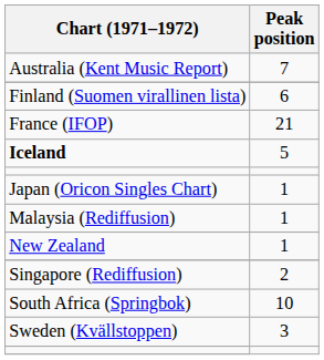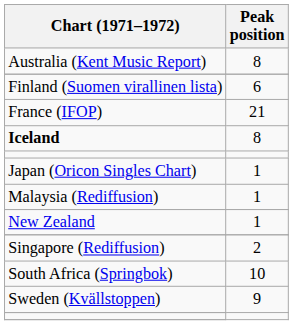 <table class="wikitable sortable">
 <tr>
 <th align="left">Chart (1971–1972)</th>
 <th align="left">Peak<br>position</th>
 </tr>
 <tr>
 <td>Australia (<a href='#'>Kent Music Report</a>)</td>
-<td style="text-align:center;">7</td>
+<td style="text-align:center;">8</td>
 </tr>
 <tr>
 </tr>
 <tr>
 </tr>
 <tr>
 <td>Finland (<a href='#'>Suomen virallinen lista</a>)</td>
 <td align="center">6</td>
 </tr>
 <tr>
 <td>France (<a href='#'>IFOP</a>)</td>
 <td align="center">21</td>
 </tr>
 <tr>
 <td><strong>Iceland</strong></td>
-<td align="center">5</td>
+<td align="center">8</td>
 </tr>
 <tr>
 <td></td>
 </tr>
 <tr>
 <td align="left">Japan (<a href='#'>Oricon Singles Chart</a>)</td>
 <td style="text-align:center;">1</td>
 </tr>
 <tr>
 <td>Malaysia (<a href='#'>Rediffusion</a>)</td>
 <td style="text-align:center;">1</td>
 </tr>
 <tr>
 </tr>
 <tr>
 <td align="left"><a href='#'>New Zealand</a></td>
 <td style="text-align:center;">1</td>
 </tr>
 <tr>
 </tr>
 <tr>
 <td>Singapore (<a href='#'>Rediffusion</a>)</td>
 <td style="text-align:center;">2</td>
 </tr>
 <tr>
 <td>South Africa (<a href='#'>Springbok</a>)</td>
 <td style="text-align:center;">10</td>
 </tr>
 <tr>
 <td>Sweden (<a href='#'>Kvällstoppen</a>)</td>
-<td style="text-align:center;">3</td>
+<td style="text-align:center;">9</td>
 </tr>
 <tr>
 </tr>
 <tr>
 </tr>
 <tr>
 <td></td>
 </tr>
 <tr>
 </tr>
 </table>
